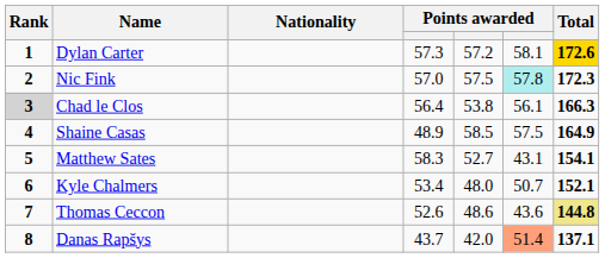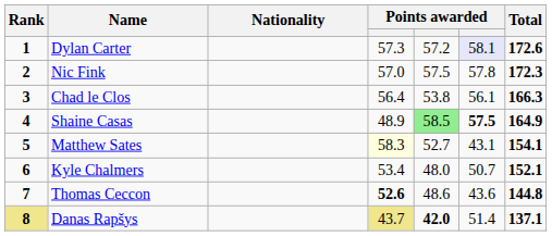 <table class="wikitable" style="text-align:center;">
 <tr>
 <th rowspan=2>Rank</th>
 <th rowspan=2 width=160>Name</th>
 <th rowspan=2 width=160>Nationality</th>
 <th colspan=3>Points awarded</th>
 <th rowspan=2>Total</th>
 </tr>
 <tr>
 <th width=40></th>
 <th width=40></th>
 <th width=40></th>
 </tr>
 <tr>
 <td><strong>1</strong></td>
 <td align=left><a href='#'>Dylan Carter</a></td>
 <td align=left></td>
 <td>57.3</td>
 <td>57.2</td>
-<td>58.1</td>
-<td style="background: gold;"><strong>172.6</strong></td>
+<td style="background: lavender;">58.1</td>
+<td><strong>172.6</strong></td>
 </tr>
 <tr>
 <td><strong>2</strong></td>
 <td align=left><a href='#'>Nic Fink</a></td>
 <td align=left></td>
 <td>57.0</td>
 <td>57.5</td>
-<td style="background: paleturquoise;">57.8</td>
+<td>57.8</td>
 <td><strong>172.3</strong></td>
 </tr>
 <tr>
-<td style="background: lightgrey;"><strong>3</strong></td>
+<td><strong>3</strong></td>
 <td align=left><a href='#'>Chad le Clos</a></td>
 <td align=left></td>
 <td>56.4</td>
 <td>53.8</td>
 <td>56.1</td>
 <td><strong>166.3</strong></td>
 </tr>
 <tr>
 <td><strong>4</strong></td>
 <td align=left><a href='#'>Shaine Casas</a></td>
 <td align=left></td>
 <td>48.9</td>
-<td>58.5</td>
-<td>57.5</td>
+<td style="background: lightgreen;">58.5</td>
+<td><strong>57.5</strong></td>
 <td><strong>164.9</strong></td>
 </tr>
 <tr>
 <td><strong>5</strong></td>
 <td align=left><a href='#'>Matthew Sates</a></td>
 <td align=left></td>
-<td>58.3</td>
+<td style="background: lightyellow;">58.3</td>
 <td>52.7</td>
 <td>43.1</td>
 <td><strong>154.1</strong></td>
 </tr>
 <tr>
 <td><strong>6</strong></td>
 <td align=left><a href='#'>Kyle Chalmers</a></td>
 <td align=left></td>
 <td>53.4</td>
 <td>48.0</td>
 <td>50.7</td>
 <td><strong>152.1</strong></td>
 </tr>
 <tr>
 <td><strong>7</strong></td>
 <td align=left><a href='#'>Thomas Ceccon</a></td>
 <td align=left></td>
-<td>52.6</td>
+<td><strong>52.6</strong></td>
 <td>48.6</td>
 <td>43.6</td>
-<td style="background: khaki;"><strong>144.8</strong></td>
+<td><strong>144.8</strong></td>
 </tr>
 <tr>
-<td><strong>8</strong></td>
+<td style="background: khaki;"><strong>8</strong></td>
 <td align=left><a href='#'>Danas Rapšys</a></td>
 <td align=left></td>
-<td>43.7</td>
-<td>42.0</td>
-<td style="background: lightsalmon;">51.4</td>
+<td style="background: khaki;">43.7</td>
+<td><strong>42.0</strong></td>
+<td>51.4</td>
 <td><strong>137.1</strong></td>
 </tr>
 </table>
